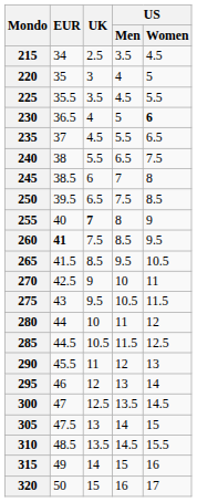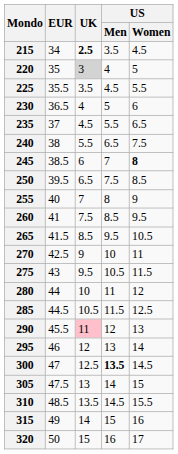 <table class="wikitable">
 <tr>
 <th rowspan=2>Mondo</th>
 <th rowspan=2>EUR</th>
 <th rowspan=2>UK</th>
 <th colspan=2>US</th>
 </tr>
 <tr>
 <th>Men</th>
 <th>Women</th>
 </tr>
 <tr>
 <th>215</th>
 <td>34</td>
-<td>2.5</td>
+<td><strong>2.5</strong></td>
 <td>3.5</td>
 <td>4.5</td>
 </tr>
 <tr>
 <th>220</th>
 <td>35</td>
-<td>3</td>
+<td style="background: lightgrey;">3</td>
 <td>4</td>
 <td>5</td>
 </tr>
 <tr>
 <th>225</th>
 <td>35.5</td>
 <td>3.5</td>
 <td>4.5</td>
 <td>5.5</td>
 </tr>
 <tr>
 <th>230</th>
 <td>36.5</td>
 <td>4</td>
 <td>5</td>
-<td><strong>6</strong></td>
+<td>6</td>
 </tr>
 <tr>
 <th>235</th>
 <td>37</td>
 <td>4.5</td>
 <td>5.5</td>
 <td>6.5</td>
 </tr>
 <tr>
 <th>240</th>
 <td>38</td>
 <td>5.5</td>
 <td>6.5</td>
 <td>7.5</td>
 </tr>
 <tr>
 <th>245</th>
 <td>38.5</td>
 <td>6</td>
 <td>7</td>
-<td>8</td>
+<td><strong>8</strong></td>
 </tr>
 <tr>
 <th>250</th>
 <td>39.5</td>
 <td>6.5</td>
 <td>7.5</td>
 <td>8.5</td>
 </tr>
 <tr>
 <th>255</th>
 <td>40</td>
-<td><strong>7</strong></td>
+<td>7</td>
 <td>8</td>
 <td>9</td>
 </tr>
 <tr>
 <th>260</th>
-<td><strong>41</strong></td>
+<td>41</td>
 <td>7.5</td>
 <td>8.5</td>
 <td>9.5</td>
 </tr>
 <tr>
 <th>265</th>
 <td>41.5</td>
 <td>8.5</td>
 <td>9.5</td>
 <td>10.5</td>
 </tr>
 <tr>
 <th>270</th>
 <td>42.5</td>
 <td>9</td>
 <td>10</td>
 <td>11</td>
 </tr>
 <tr>
 <th>275</th>
 <td>43</td>
 <td>9.5</td>
 <td>10.5</td>
 <td>11.5</td>
 </tr>
 <tr>
 <th>280</th>
 <td>44</td>
 <td>10</td>
 <td>11</td>
 <td>12</td>
 </tr>
 <tr>
 <th>285</th>
 <td>44.5</td>
 <td>10.5</td>
 <td>11.5</td>
 <td>12.5</td>
 </tr>
 <tr>
 <th>290</th>
 <td>45.5</td>
-<td>11</td>
+<td style="background: pink;">11</td>
 <td>12</td>
 <td>13</td>
 </tr>
 <tr>
 <th>295</th>
 <td>46</td>
 <td>12</td>
 <td>13</td>
 <td>14</td>
 </tr>
 <tr>
 <th>300</th>
 <td>47</td>
 <td>12.5</td>
-<td>13.5</td>
+<td><strong>13.5</strong></td>
 <td>14.5</td>
 </tr>
 <tr>
 <th>305</th>
 <td>47.5</td>
 <td>13</td>
 <td>14</td>
 <td>15</td>
 </tr>
 <tr>
 <th>310</th>
 <td>48.5</td>
 <td>13.5</td>
 <td>14.5</td>
 <td>15.5</td>
 </tr>
 <tr>
 <th>315</th>
 <td>49</td>
 <td>14</td>
 <td>15</td>
 <td>16</td>
 </tr>
 <tr>
 <th>320</th>
 <td>50</td>
 <td>15</td>
 <td>16</td>
 <td>17</td>
 </tr>
 </table>
